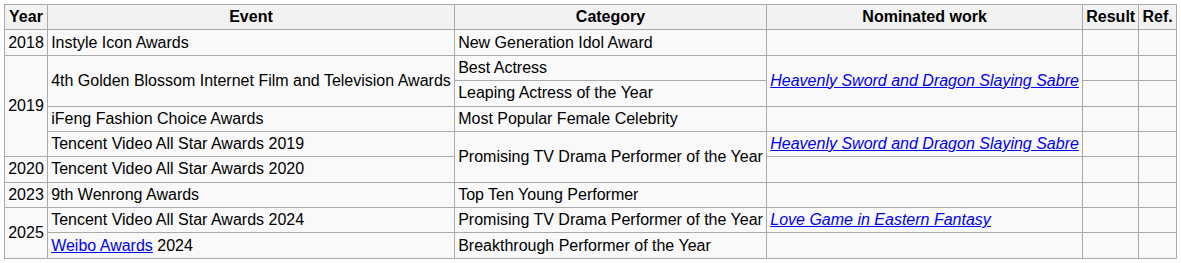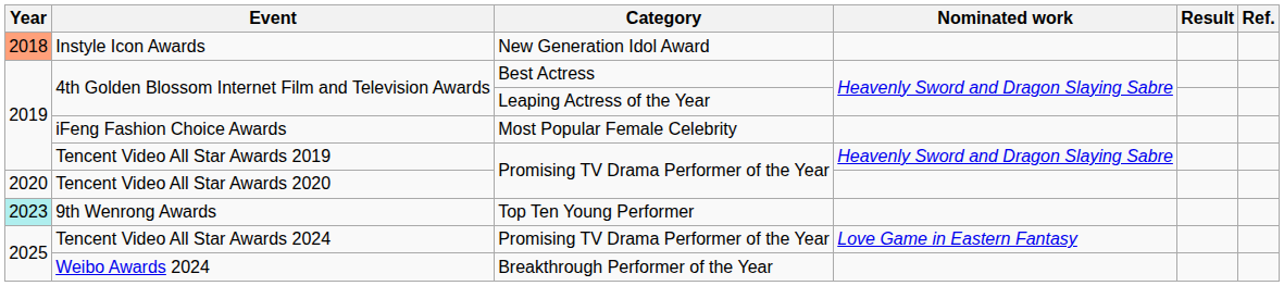 <table class="wikitable">
 <tr>
 <th>Year</th>
 <th>Event</th>
 <th>Category</th>
 <th>Nominated work</th>
 <th>Result</th>
 <th>Ref.</th>
 </tr>
 <tr>
-<td>2018</td>
+<td style="background: lightsalmon;">2018</td>
 <td>Instyle Icon Awards</td>
 <td>New Generation Idol Award</td>
 <td></td>
 <td></td>
 <td></td>
 </tr>
 <tr>
 <td rowspan=4>2019</td>
 <td rowspan=2>4th Golden Blossom Internet Film and Television Awards</td>
 <td>Best Actress</td>
 <td rowspan=2><em><a href='#'>Heavenly Sword and Dragon Slaying Sabre</a></em></td>
 <td></td>
 <td></td>
 </tr>
 <tr>
 <td>Leaping Actress of the Year</td>
 <td></td>
 <td></td>
 </tr>
 <tr>
 <td>iFeng Fashion Choice Awards</td>
 <td>Most Popular Female Celebrity</td>
 <td></td>
 <td></td>
 <td></td>
 </tr>
 <tr>
 <td>Tencent Video All Star Awards 2019</td>
 <td rowspan=2>Promising TV Drama Performer of the Year</td>
 <td><em><a href='#'>Heavenly Sword and Dragon Slaying Sabre</a></em></td>
 <td></td>
 <td></td>
 </tr>
 <tr>
 <td>2020</td>
 <td>Tencent Video All Star Awards 2020</td>
 <td></td>
 <td></td>
 <td></td>
 </tr>
 <tr>
-<td>2023</td>
+<td style="background: paleturquoise;">2023</td>
 <td>9th Wenrong Awards</td>
 <td>Top Ten Young Performer</td>
 <td></td>
 <td></td>
 <td></td>
 </tr>
 <tr>
 <td rowspan=2>2025</td>
 <td>Tencent Video All Star Awards 2024</td>
 <td>Promising TV Drama Performer of the Year</td>
 <td><em><a href='#'>Love Game in Eastern Fantasy</a></em></td>
 <td></td>
 <td></td>
 </tr>
 <tr>
 <td><a href='#'>Weibo Awards</a> 2024</td>
 <td>Breakthrough Performer of the Year</td>
 <td></td>
 <td></td>
 <td></td>
 </tr>
 </table>
